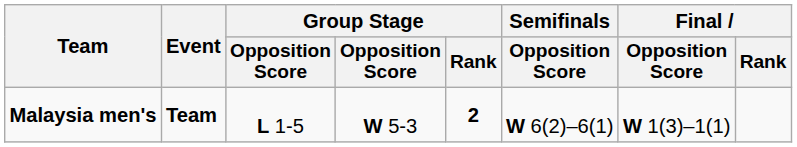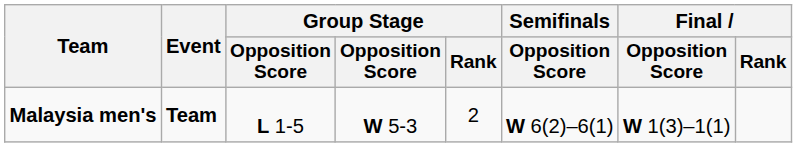 <table class="wikitable" style="font-size:90%">
 <tr>
 <th rowspan=2>Team</th>
 <th rowspan=2>Event</th>
 <th colspan=3>Group Stage</th>
 <th>Semifinals</th>
 <th colspan=2>Final / </th>
 </tr>
 <tr style="font-size:95%">
 <th>Opposition<br>Score</th>
 <th>Opposition<br>Score</th>
 <th>Rank</th>
 <th>Opposition<br>Score</th>
 <th>Opposition<br>Score</th>
 <th>Rank</th>
 </tr>
 <tr align=center>
 <td align=left><strong>Malaysia men's</strong></td>
 <td align=left><strong>Team</strong></td>
 <td><br> <strong>L</strong> 1-5</td>
 <td><br> <strong>W</strong> 5-3</td>
-<td><strong>2</strong></td>
+<td>2</td>
 <td><br> <strong>W</strong> 6(2)–6(1)</td>
 <td><br><strong>W</strong> 1(3)–1(1)</td>
 <td></td>
 </tr>
 </table>
